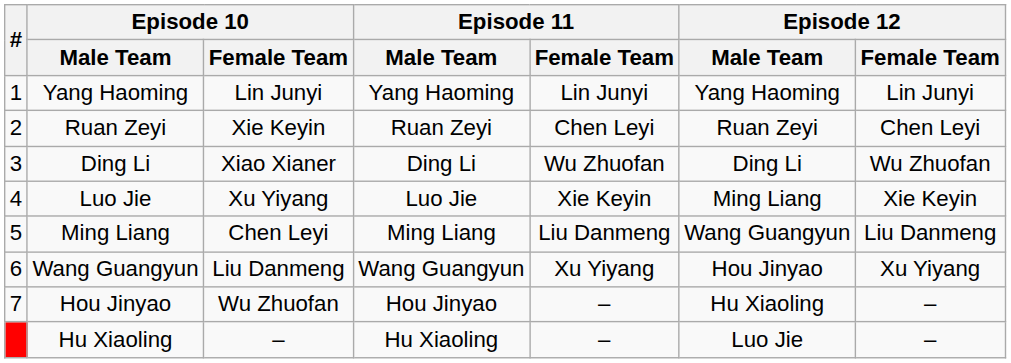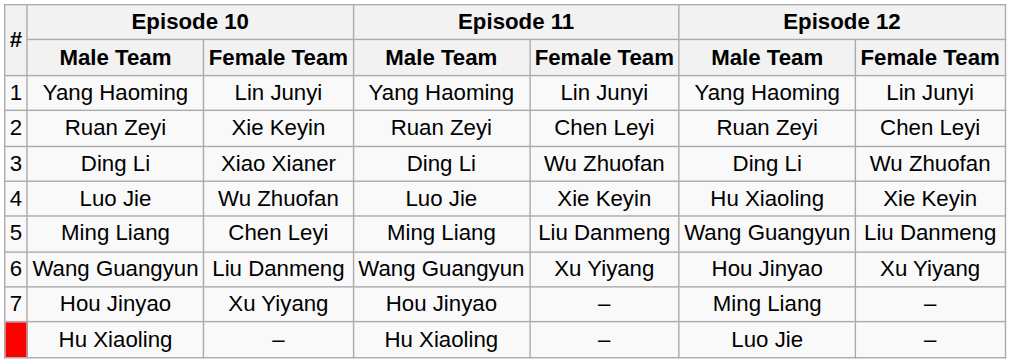 <table class="wikitable sortable" style="text-align:center;">
 <tr>
 <th rowspan="2">#</th>
 <th colspan="2">Episode 10</th>
 <th colspan="2">Episode 11</th>
 <th colspan="2">Episode 12</th>
 </tr>
 <tr>
 <th>Male Team</th>
 <th>Female Team</th>
 <th>Male Team</th>
 <th>Female Team</th>
 <th>Male Team</th>
 <th>Female Team</th>
 </tr>
 <tr>
 <td>1</td>
 <td>Yang Haoming</td>
 <td>Lin Junyi</td>
 <td>Yang Haoming</td>
 <td>Lin Junyi</td>
 <td>Yang Haoming</td>
 <td>Lin Junyi</td>
 </tr>
 <tr>
 <td>2</td>
 <td>Ruan Zeyi</td>
 <td>Xie Keyin</td>
 <td>Ruan Zeyi</td>
 <td>Chen Leyi</td>
 <td>Ruan Zeyi</td>
 <td>Chen Leyi</td>
 </tr>
 <tr>
 <td>3</td>
 <td>Ding Li</td>
 <td>Xiao Xianer</td>
 <td>Ding Li</td>
 <td>Wu Zhuofan</td>
 <td>Ding Li</td>
 <td>Wu Zhuofan</td>
 </tr>
 <tr>
 <td>4</td>
 <td>Luo Jie</td>
-<td>Xu Yiyang</td>
+<td>Wu Zhuofan</td>
 <td>Luo Jie</td>
 <td>Xie Keyin</td>
-<td>Ming Liang</td>
+<td>Hu Xiaoling</td>
 <td>Xie Keyin</td>
 </tr>
 <tr>
 <td>5</td>
 <td>Ming Liang</td>
 <td>Chen Leyi</td>
 <td>Ming Liang</td>
 <td>Liu Danmeng</td>
 <td>Wang Guangyun</td>
 <td>Liu Danmeng</td>
 </tr>
 <tr>
 <td>6</td>
 <td>Wang Guangyun</td>
 <td>Liu Danmeng</td>
 <td>Wang Guangyun</td>
 <td>Xu Yiyang</td>
 <td>Hou Jinyao</td>
 <td>Xu Yiyang</td>
 </tr>
 <tr>
 <td>7</td>
 <td>Hou Jinyao</td>
-<td>Wu Zhuofan</td>
+<td>Xu Yiyang</td>
 <td>Hou Jinyao</td>
 <td>–</td>
-<td>Hu Xiaoling</td>
+<td>Ming Liang</td>
 <td>–</td>
 </tr>
 <tr>
 <td style="background:red;"></td>
 <td>Hu Xiaoling</td>
 <td>–</td>
 <td>Hu Xiaoling</td>
 <td>–</td>
 <td>Luo Jie</td>
 <td>–</td>
 </tr>
 </table>
